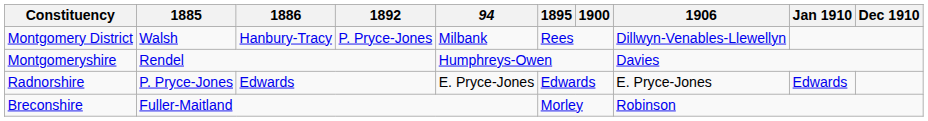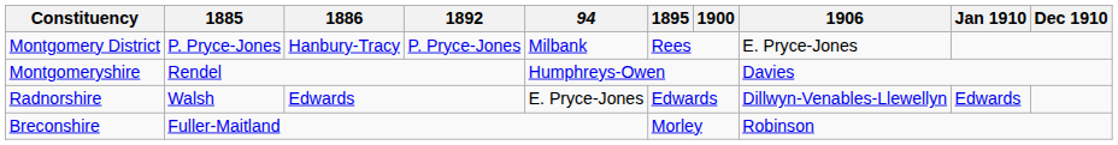 <table class="wikitable">
 <tr>
 <th>Constituency</th>
 <th>1885</th>
 <th>1886</th>
 <th>1892</th>
 <th><em>94</em></th>
 <th>1895</th>
 <th>1900</th>
 <th>1906</th>
 <th>Jan 1910</th>
 <th>Dec 1910</th>
 </tr>
 <tr>
 <td><a href='#'>Montgomery District</a></td>
-<td><a href='#'>Walsh</a></td>
+<td><a href='#'>P. Pryce-Jones</a></td>
 <td><a href='#'>Hanbury-Tracy</a></td>
 <td><a href='#'>P. Pryce-Jones</a></td>
 <td><a href='#'>Milbank</a></td>
 <td colspan="2"><a href='#'>Rees</a></td>
-<td><a href='#'>Dillwyn-Venables-Llewellyn</a></td>
+<td>E. Pryce-Jones</td>
 </tr>
 <tr>
 <td><a href='#'>Montgomeryshire</a></td>
 <td colspan="3"><a href='#'>Rendel</a></td>
 <td colspan="3"><a href='#'>Humphreys-Owen</a></td>
 <td colspan="3"><a href='#'>Davies</a></td>
 </tr>
 <tr>
 <td><a href='#'>Radnorshire</a></td>
-<td><a href='#'>P. Pryce-Jones</a></td>
+<td><a href='#'>Walsh</a></td>
 <td colspan="2"><a href='#'>Edwards</a></td>
 <td>E. Pryce-Jones</td>
 <td colspan="2"><a href='#'>Edwards</a></td>
-<td>E. Pryce-Jones</td>
+<td><a href='#'>Dillwyn-Venables-Llewellyn</a></td>
 <td><a href='#'>Edwards</a></td>
 </tr>
 <tr>
 <td><a href='#'>Breconshire</a></td>
 <td colspan="4"><a href='#'>Fuller-Maitland</a></td>
 <td colspan="2"><a href='#'>Morley</a></td>
 <td colspan="3"><a href='#'>Robinson</a></td>
 </tr>
 </table>
